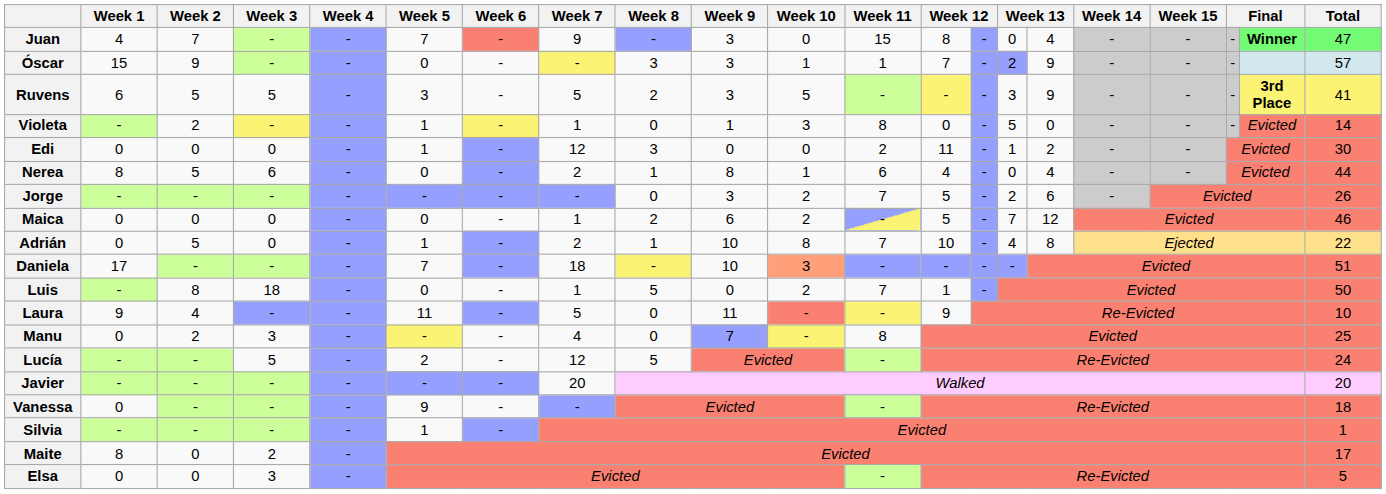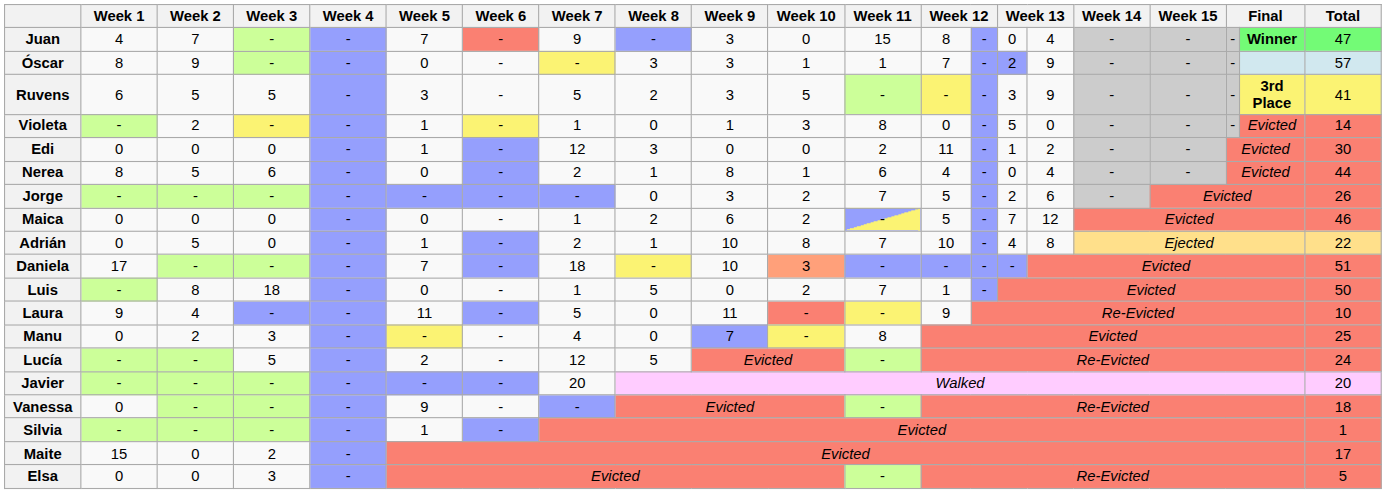 <table class="wikitable" style="width:100%; text-align:center; font-size:85%; line-height:15px;">
 <tr>
 <th style="width:5%"></th>
 <th style="width:5%">Week 1</th>
 <th style="width:5%">Week 2</th>
 <th style="width:5%">Week 3</th>
 <th style="width:5%">Week 4</th>
 <th style="width:5%">Week 5</th>
 <th style="width:5%">Week 6</th>
 <th style="width:5%">Week 7</th>
 <th style="width:5%">Week 8</th>
 <th style="width:5%">Week 9</th>
 <th style="width:5%">Week 10</th>
 <th style="width:5%">Week 11</th>
 <th style="width:5%" colspan=2>Week 12</th>
 <th style="width:5%" colspan=2>Week 13</th>
 <th style="width:5%">Week 14</th>
 <th style="width:5%">Week 15</th>
 <th style="width:5%" colspan=2>Final</th>
 <th style="width:5%">Total</th>
 </tr>
 <tr>
 <th>Juan</th>
 <td>4</td>
 <td>7</td>
 <td style="background:rgb(204, 255, 153)">-</td>
 <td style="background:#959FFD">-</td>
 <td>7</td>
 <td style="background:#FA8072">-</td>
 <td>9</td>
 <td style="background:#959FFD">-</td>
 <td>3</td>
 <td>0</td>
 <td>15</td>
 <td>8</td>
 <td style="background:#959FFD">-</td>
 <td>0</td>
 <td>4</td>
 <td style="background:#CCCCCC; text-align:center">-</td>
 <td style="background:#CCCCCC; text-align:center">-</td>
 <td style="background:#CCCCCC; text-align:center">-</td>
 <td style="background:#73FB76"><strong>Winner</strong></td>
 <td style="background:#73FB76">47</td>
 </tr>
 <tr>
 <th>Óscar</th>
-<td>15</td>
+<td>8</td>
 <td>9</td>
 <td style="background:rgb(204, 255, 153)">-</td>
 <td style="background:#959FFD">-</td>
 <td>0</td>
 <td>-</td>
 <td style="background:#FBF373">-</td>
 <td>3</td>
 <td>3</td>
 <td>1</td>
 <td>1</td>
 <td>7</td>
 <td style="background:#959FFD">-</td>
 <td style="background:#959FFD">2</td>
 <td>9</td>
 <td style="background:#CCCCCC; text-align:center">-</td>
 <td style="background:#CCCCCC; text-align:center">-</td>
 <td style="background:#CCCCCC; text-align:center">-</td>
 <td style="background:#D1E8EF"><strong></strong></td>
 <td style="background:#D1E8EF">57</td>
 </tr>
 <tr>
 <th>Ruvens</th>
 <td>6</td>
 <td>5</td>
 <td>5</td>
 <td style="background:#959FFD">-</td>
 <td>3</td>
 <td>-</td>
 <td>5</td>
 <td>2</td>
 <td>3</td>
 <td>5</td>
 <td style="background:rgb(204, 255, 153)">-</td>
 <td style="background:#FBF373">-</td>
 <td style="background:#959FFD">-</td>
 <td>3</td>
 <td>9</td>
 <td style="background:#CCCCCC; text-align:center">-</td>
 <td style="background:#CCCCCC; text-align:center">-</td>
 <td style="background:#CCCCCC; text-align:center">-</td>
 <td style="background:#FBF373"><strong>3rd Place</strong></td>
 <td style="background:#FBF373">41</td>
 </tr>
 <tr>
 <th>Violeta</th>
 <td style="background:rgb(204, 255, 153)">-</td>
 <td>2</td>
 <td style="background:#FBF373">-</td>
 <td style="background:#959FFD">-</td>
 <td>1</td>
 <td style="background:#FBF373">-</td>
 <td>1</td>
 <td>0</td>
 <td>1</td>
 <td>3</td>
 <td>8</td>
 <td>0</td>
 <td style="background:#959FFD">-</td>
 <td>5</td>
 <td>0</td>
 <td style="background:#CCCCCC; text-align:center">-</td>
 <td style="background:#CCCCCC; text-align:center">-</td>
 <td style="background:#CCCCCC; text-align:center">-</td>
 <td colspan="1" style="background:#FA8072"><em>Evicted</em></td>
 <td style="background:#FA8072">14</td>
 </tr>
 <tr>
 <th>Edi</th>
 <td>0</td>
 <td>0</td>
 <td>0</td>
 <td style="background:#959FFD">-</td>
 <td>1</td>
 <td style="background:#959FFD">-</td>
 <td>12</td>
 <td>3</td>
 <td>0</td>
 <td>0</td>
 <td>2</td>
 <td>11</td>
 <td style="background:#959FFD">-</td>
 <td>1</td>
 <td>2</td>
 <td style="background:#CCCCCC; text-align:center">-</td>
 <td style="background:#CCCCCC; text-align:center">-</td>
 <td colspan="2" style="background:#FA8072"><em>Evicted</em></td>
 <td style="background:#FA8072">30</td>
 </tr>
 <tr>
 <th>Nerea</th>
 <td>8</td>
 <td>5</td>
 <td>6</td>
 <td style="background:#959FFD">-</td>
 <td>0</td>
 <td style="background:#959FFD">-</td>
 <td>2</td>
 <td>1</td>
 <td>8</td>
 <td>1</td>
 <td>6</td>
 <td>4</td>
 <td style="background:#959FFD">-</td>
 <td>0</td>
 <td>4</td>
 <td style="background:#CCCCCC; text-align:center">-</td>
 <td style="background:#CCCCCC; text-align:center">-</td>
 <td colspan="2" style="background:#FA8072"><em>Evicted</em></td>
 <td style="background:#FA8072">44</td>
 </tr>
 <tr>
 <th>Jorge</th>
 <td style="background:rgb(204, 255, 153)">-</td>
 <td style="background:rgb(204, 255, 153)">-</td>
 <td style="background:rgb(204, 255, 153)">-</td>
 <td style="background:#959FFD">-</td>
 <td style="background:#959FFD">-</td>
 <td style="background:#959FFD">-</td>
 <td style="background:#959FFD">-</td>
 <td>0</td>
 <td>3</td>
 <td>2</td>
 <td>7</td>
 <td>5</td>
 <td style="background:#959FFD">-</td>
 <td>2</td>
 <td>6</td>
 <td style="background:#CCCCCC; text-align:center">-</td>
 <td colspan="3" style="background:#FA8072"><em>Evicted</em></td>
 <td style="background:#FA8072">26</td>
 </tr>
 <tr>
 <th>Maica</th>
 <td>0</td>
 <td>0</td>
 <td>0</td>
 <td style="background:#959FFD">-</td>
 <td>0</td>
 <td>-</td>
 <td>1</td>
 <td>2</td>
 <td>6</td>
 <td>2</td>
 <td style="background-image: linear-gradient(to right bottom, #959FFD 50%, #FBF373 50%);">-</td>
 <td>5</td>
 <td style="background:#959FFD">-</td>
 <td>7</td>
 <td>12</td>
 <td colspan="4" style="background:#FA8072"><em>Evicted</em></td>
 <td style="background:#FA8072">46</td>
 </tr>
 <tr>
 <th>Adrián</th>
 <td>0</td>
 <td>5</td>
 <td>0</td>
 <td style="background:#959FFD">-</td>
 <td>1</td>
 <td style="background:#959FFD">-</td>
 <td>2</td>
 <td>1</td>
 <td>10</td>
 <td>8</td>
 <td>7</td>
 <td>10</td>
 <td style="background:#959FFD">-</td>
 <td>4</td>
 <td>8</td>
 <td colspan="4" style="background:#FFE08B"><em>Ejected</em></td>
 <td style="background:#FFE08B">22</td>
 </tr>
 <tr>
 <th>Daniela</th>
 <td>17</td>
 <td style="background:rgb(204, 255, 153)">-</td>
 <td style="background:rgb(204, 255, 153)">-</td>
 <td style="background:#959FFD">-</td>
 <td>7</td>
 <td style="background:#959FFD">-</td>
 <td>18</td>
 <td style="background:#FBF373">-</td>
 <td>10</td>
 <td style="background: lightsalmon;">3</td>
 <td style="background:#959FFD">-</td>
 <td style="background:#959FFD">-</td>
 <td style="background:#959FFD">-</td>
 <td style="background:#959FFD">-</td>
 <td colspan="5" style="background:#FA8072"><em>Evicted</em></td>
 <td style="background:#FA8072">51</td>
 </tr>
 <tr>
 <th>Luis</th>
 <td style="background:rgb(204, 255, 153)">-</td>
 <td>8</td>
 <td>18</td>
 <td style="background:#959FFD">-</td>
 <td>0</td>
 <td>-</td>
 <td>1</td>
 <td>5</td>
 <td>0</td>
 <td>2</td>
 <td>7</td>
 <td>1</td>
 <td style="background:#959FFD">-</td>
 <td colspan="6" style="background:#FA8072"><em>Evicted</em></td>
 <td style="background:#FA8072">50</td>
 </tr>
 <tr>
 <th>Laura</th>
 <td>9</td>
 <td>4</td>
 <td style="background:#959FFD">-</td>
 <td style="background:#959FFD">-</td>
 <td>11</td>
 <td style="background:#959FFD">-</td>
 <td>5</td>
 <td>0</td>
 <td>11</td>
 <td style="background:#FA8072">-</td>
 <td style="background:#FBF373">-</td>
 <td>9</td>
 <td colspan="7" style="background:#FA8072"><em>Re-Evicted</em></td>
 <td style="background:#FA8072">10</td>
 </tr>
 <tr>
 <th>Manu</th>
 <td>0</td>
 <td>2</td>
 <td>3</td>
 <td style="background:#959FFD">-</td>
 <td style="background:#FBF373">-</td>
 <td>-</td>
 <td>4</td>
 <td>0</td>
 <td style="background:#959FFD">7</td>
 <td style="background:#FBF373">-</td>
 <td>8</td>
 <td colspan="8" style="background:#FA8072"><em>Evicted</em></td>
 <td style="background:#FA8072">25</td>
 </tr>
 <tr>
 <th>Lucía</th>
 <td style="background:rgb(204, 255, 153)">-</td>
 <td style="background:rgb(204, 255, 153)">-</td>
 <td>5</td>
 <td style="background:#959FFD">-</td>
 <td>2</td>
 <td>-</td>
 <td>12</td>
 <td>5</td>
 <td colspan="2" style="background:#FA8072"><em>Evicted</em></td>
 <td style="background:rgb(204, 255, 153)">-</td>
 <td colspan="8" style="background:#FA8072"><em>Re-Evicted</em></td>
 <td style="background:#FA8072">24</td>
 </tr>
 <tr>
 <th>Javier</th>
 <td style="background:rgb(204, 255, 153)">-</td>
 <td style="background:rgb(204, 255, 153)">-</td>
 <td style="background:rgb(204, 255, 153)">-</td>
 <td style="background:#959FFD">-</td>
 <td style="background:#959FFD">-</td>
 <td style="background:#959FFD">-</td>
 <td>20</td>
 <td colspan="12" style="background:#fcf"><em>Walked</em></td>
 <td style="background:#fcf">20</td>
 </tr>
 <tr>
 <th>Vanessa</th>
 <td>0</td>
 <td style="background:rgb(204, 255, 153)">-</td>
 <td style="background:rgb(204, 255, 153)">-</td>
 <td style="background:#959FFD">-</td>
 <td>9</td>
 <td>-</td>
 <td style="background:#959FFD">-</td>
 <td colspan="3" style="background:#FA8072"><em>Evicted</em></td>
 <td style="background:rgb(204, 255, 153)">-</td>
 <td colspan="8" style="background:#FA8072"><em>Re-Evicted</em></td>
 <td style="background:#FA8072">18</td>
 </tr>
 <tr>
 <th>Silvia</th>
 <td style="background:rgb(204, 255, 153)">-</td>
 <td style="background:rgb(204, 255, 153)">-</td>
 <td style="background:rgb(204, 255, 153)">-</td>
 <td style="background:#959FFD">-</td>
 <td>1</td>
 <td style="background:#959FFD">-</td>
 <td colspan="13" style="background:#FA8072"><em>Evicted</em></td>
 <td style="background:#FA8072">1</td>
 </tr>
 <tr>
 <th>Maite</th>
-<td>8</td>
+<td>15</td>
 <td>0</td>
 <td>2</td>
 <td style="background:#959FFD">-</td>
 <td colspan="15" style="background:#FA8072"><em>Evicted</em></td>
 <td style="background:#FA8072">17</td>
 </tr>
 <tr>
 <th>Elsa</th>
 <td>0</td>
 <td>0</td>
 <td>3</td>
 <td style="background:#959FFD">-</td>
 <td colspan="6" style="background:#FA8072"><em>Evicted</em></td>
 <td style="background:rgb(204, 255, 153)">-</td>
 <td colspan="8" style="background:#FA8072"><em>Re-Evicted</em></td>
 <td style="background:#FA8072">5</td>
 </tr>
 </table>
